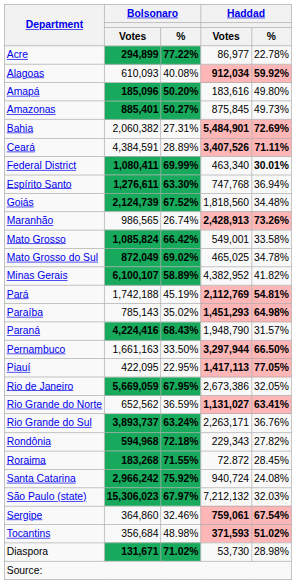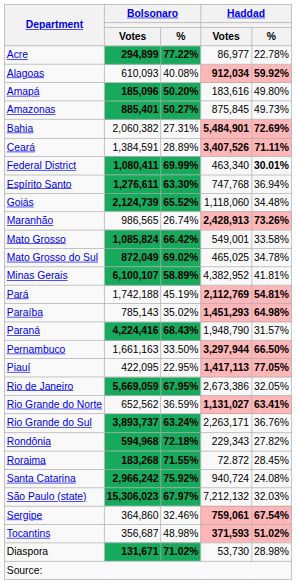 <table class="wikitable sortable" style="text-align:right; font-size:95%; line-height:20px;">
 <tr>
 <th rowspan="3"><a href='#'>Department</a></th>
 <th colspan="2" style="width:110px;"><a href='#'>Bolsonaro</a></th>
 <th colspan="2" style="width:110px;"><a href='#'>Haddad</a></th>
 </tr>
 <tr>
 <th colspan="2" style="background:"></th>
 <th colspan="2" style="background:"></th>
 </tr>
 <tr>
 <th>Votes</th>
 <th>%</th>
 <th>Votes</th>
 <th>%</th>
 </tr>
 <tr>
 <td style="text-align:left;"><a href='#'>Acre</a></td>
 <td style="background:#17aa5c;"><strong>294,899</strong></td>
 <td style="background:#17aa5c;"><strong>77.22%</strong></td>
 <td>86,977</td>
 <td>22.78%</td>
 </tr>
 <tr>
 <td style="text-align:left;"><a href='#'>Alagoas</a></td>
 <td>610,093</td>
 <td>40.08%</td>
 <td style="background:#ffb6b6;"><strong>912,034</strong></td>
 <td style="background:#ffb6b6;"><strong>59.92%</strong></td>
 </tr>
 <tr>
 <td style="text-align:left;"><a href='#'>Amapá</a></td>
 <td style="background:#17aa5c;"><strong>185,096</strong></td>
 <td style="background:#17aa5c;"><strong>50.20%</strong></td>
 <td>183,616</td>
 <td>49.80%</td>
 </tr>
 <tr>
 <td style="text-align:left;"><a href='#'>Amazonas</a></td>
 <td style="background:#17aa5c;"><strong>885,401</strong></td>
 <td style="background:#17aa5c;"><strong>50.27%</strong></td>
 <td>875,845</td>
 <td>49.73%</td>
 </tr>
 <tr>
 <td style="text-align:left;"><a href='#'>Bahia</a></td>
 <td>2,060,382</td>
 <td>27.31%</td>
 <td style="background:#ffb6b6;"><strong>5,484,901</strong></td>
 <td style="background:#ffb6b6;"><strong>72.69%</strong></td>
 </tr>
 <tr>
 <td style="text-align:left;"><a href='#'>Ceará</a></td>
-<td>4,384,591</td>
+<td>1,384,591</td>
 <td>28.89%</td>
 <td style="background:#ffb6b6;"><strong>3,407,526</strong></td>
 <td style="background:#ffb6b6;"><strong>71.11%</strong></td>
 </tr>
 <tr>
 <td style="text-align:left;"><a href='#'>Federal District</a></td>
 <td style="background:#17aa5c;"><strong>1,080,411</strong></td>
 <td style="background:#17aa5c;"><strong>69.99%</strong></td>
 <td>463,340</td>
 <td><strong>30.01%</strong></td>
 </tr>
 <tr>
 <td style="text-align:left;"><a href='#'>Espírito Santo</a></td>
 <td style="background:#17aa5c;"><strong>1,276,611</strong></td>
 <td style="background:#17aa5c;"><strong>63.30%</strong></td>
 <td>747,768</td>
 <td>36.94%</td>
 </tr>
 <tr>
 <td style="text-align:left;"><a href='#'>Goiás</a></td>
 <td style="background:#17aa5c;"><strong>2,124,739</strong></td>
-<td style="background:#17aa5c;"><strong>67.52%</strong></td>
-<td>1,818,560</td>
+<td style="background:#17aa5c;"><strong>65.52%</strong></td>
+<td>1,118,060</td>
 <td>34.48%</td>
 </tr>
 <tr>
 <td style="text-align:left;"><a href='#'>Maranhão</a></td>
 <td>986,565</td>
 <td>26.74%</td>
 <td style="background:#ffb6b6;"><strong>2,428,913</strong></td>
 <td style="background:#ffb6b6;"><strong>73.26%</strong></td>
 </tr>
 <tr>
 <td style="text-align:left;"><a href='#'>Mato Grosso</a></td>
 <td style="background:#17aa5c;"><strong>1,085,824</strong></td>
 <td style="background:#17aa5c;"><strong>66.42%</strong></td>
 <td>549,001</td>
 <td>33.58%</td>
 </tr>
 <tr>
 <td style="text-align:left;"><a href='#'>Mato Grosso do Sul</a></td>
 <td style="background:#17aa5c;"><strong>872,049</strong></td>
 <td style="background:#17aa5c;"><strong>69.02%</strong></td>
 <td>465,025</td>
 <td>34.78%</td>
 </tr>
 <tr>
 <td style="text-align:left;"><a href='#'>Minas Gerais</a></td>
 <td style="background:#17aa5c;"><strong>6,100,107</strong></td>
 <td style="background:#17aa5c;"><strong>58.89%</strong></td>
 <td>4,382,952</td>
-<td>41.82%</td>
+<td>41.81%</td>
 </tr>
 <tr>
 <td style="text-align:left;"><a href='#'>Pará</a></td>
 <td>1,742,188</td>
 <td>45.19%</td>
 <td style="background:#ffb6b6;"><strong>2,112,769</strong></td>
 <td style="background:#ffb6b6;"><strong>54.81%</strong></td>
 </tr>
 <tr>
 <td style="text-align:left;"><a href='#'>Paraíba</a></td>
 <td>785,143</td>
 <td>35.02%</td>
 <td style="background:#ffb6b6;"><strong>1,451,293</strong></td>
 <td style="background:#ffb6b6;"><strong>64.98%</strong></td>
 </tr>
 <tr>
 <td style="text-align:left;"><a href='#'>Paraná</a></td>
 <td style="background:#17aa5c;"><strong>4,224,416</strong></td>
 <td style="background:#17aa5c;"><strong>68.43%</strong></td>
 <td>1,948,790</td>
 <td>31.57%</td>
 </tr>
 <tr>
 <td style="text-align:left;"><a href='#'>Pernambuco</a></td>
 <td>1,661,163</td>
 <td>33.50%</td>
 <td style="background:#ffb6b6;"><strong>3,297,944</strong></td>
 <td style="background:#ffb6b6;"><strong>66.50%</strong></td>
 </tr>
 <tr>
 <td style="text-align:left;"><a href='#'>Piauí</a></td>
 <td>422,095</td>
 <td>22.95%</td>
 <td style="background:#ffb6b6;"><strong>1,417,113</strong></td>
 <td style="background:#ffb6b6;"><strong>77.05%</strong></td>
 </tr>
 <tr>
 <td style="text-align:left;"><a href='#'>Rio de Janeiro</a></td>
 <td style="background:#17aa5c;"><strong>5,669,059</strong></td>
 <td style="background:#17aa5c;"><strong>67.95%</strong></td>
 <td>2,673,386</td>
 <td>32.05%</td>
 </tr>
 <tr>
 <td style="text-align:left;"><a href='#'>Rio Grande do Norte</a></td>
 <td>652,562</td>
 <td>36.59%</td>
 <td style="background:#ffb6b6;"><strong>1,131,027</strong></td>
 <td style="background:#ffb6b6;"><strong>63.41%</strong></td>
 </tr>
 <tr>
 <td style="text-align:left;"><a href='#'>Rio Grande do Sul</a></td>
 <td style="background:#17aa5c;"><strong>3,893,737</strong></td>
 <td style="background:#17aa5c;"><strong>63.24%</strong></td>
 <td>2,263,171</td>
 <td>36.76%</td>
 </tr>
 <tr>
 <td style="text-align:left;"><a href='#'>Rondônia</a></td>
 <td style="background:#17aa5c;"><strong>594,968</strong></td>
 <td style="background:#17aa5c;"><strong>72.18%</strong></td>
 <td>229,343</td>
 <td>27.82%</td>
 </tr>
 <tr>
 <td style="text-align:left;"><a href='#'>Roraima</a></td>
 <td style="background:#17aa5c;"><strong>183,268</strong></td>
 <td style="background:#17aa5c;"><strong>71.55%</strong></td>
 <td>72.872</td>
 <td>28.45%</td>
 </tr>
 <tr>
 <td style="text-align:left;"><a href='#'>Santa Catarina</a></td>
 <td style="background:#17aa5c;"><strong>2,966,242</strong></td>
 <td style="background:#17aa5c;"><strong>75.92%</strong></td>
 <td>940,724</td>
 <td>24.08%</td>
 </tr>
 <tr>
 <td style="text-align:left;"><a href='#'>São Paulo (state)</a></td>
 <td style="background:#17aa5c;"><strong>15,306,023</strong></td>
 <td style="background:#17aa5c;"><strong>67.97%</strong></td>
 <td>7,212,132</td>
 <td>32.03%</td>
 </tr>
 <tr>
 <td style="text-align:left;"><a href='#'>Sergipe</a></td>
 <td>364,860</td>
 <td>32.46%</td>
 <td style="background:#ffb6b6;"><strong>759,061</strong></td>
 <td style="background:#ffb6b6;"><strong>67.54%</strong></td>
 </tr>
 <tr>
 <td style="text-align:left;"><a href='#'>Tocantins</a></td>
-<td>356,684</td>
+<td>356,687</td>
 <td>48.98%</td>
 <td style="background:#ffb6b6;"><strong>371,593</strong></td>
 <td style="background:#ffb6b6;"><strong>51.02%</strong></td>
 </tr>
 <tr>
 <td style="text-align:left;">Diaspora</td>
 <td style="background:#17aa5c;"><strong>131,671</strong></td>
 <td style="background:#17aa5c;"><strong>71.02%</strong></td>
 <td>53,730</td>
 <td>28.98%</td>
 </tr>
 <tr class="sortbottom">
 <td colspan="9" style="text-align:left;">Source: </td>
 </tr>
 </table>
